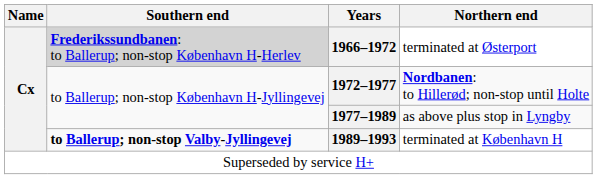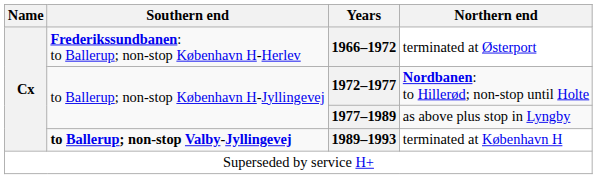 <table class=wikitable>
 <tr>
 <th>Name</th>
 <th>Southern end</th>
 <th>Years</th>
 <th>Northern end</th>
 </tr>
 <tr>
 <th rowspan=4>Cx</th>
-<td style="background: lightgrey;"><strong><a href='#'>Frederikssundbanen</a></strong>:<br> to <a href='#'>Ballerup</a>; non-stop <a href='#'>København H</a>-<a href='#'>Herlev</a></td>
+<td><strong><a href='#'>Frederikssundbanen</a></strong>:<br> to <a href='#'>Ballerup</a>; non-stop <a href='#'>København H</a>-<a href='#'>Herlev</a></td>
 <th>1966–1972</th>
 <td style="background:white">terminated at <a href='#'>Østerport</a></td>
 </tr>
 <tr>
 <td rowspan=2>to <a href='#'>Ballerup</a>; non-stop <a href='#'>København H</a>-<a href='#'>Jyllingevej</a></td>
 <th>1972–1977</th>
 <td><strong><a href='#'>Nordbanen</a></strong>:<br> to <a href='#'>Hillerød</a>; non-stop until <a href='#'>Holte</a></td>
 </tr>
 <tr>
 <th>1977–1989</th>
 <td>as above plus stop in <a href='#'>Lyngby</a></td>
 </tr>
 <tr>
 <td><strong>to <a href='#'>Ballerup</a>; non-stop <a href='#'>Valby</a>-<a href='#'>Jyllingevej</a></strong></td>
 <th>1989–1993</th>
 <td style="background:white">terminated at <a href='#'>København H</a></td>
 </tr>
 <tr>
 <td colspan=4 style="background:white" align=center>Superseded by service <a href='#'>H+</a></td>
 </tr>
 </table>
